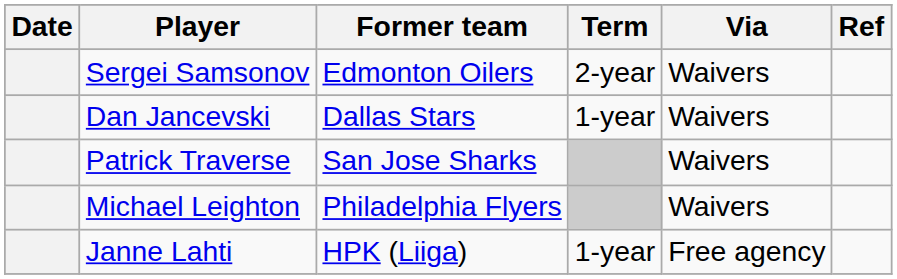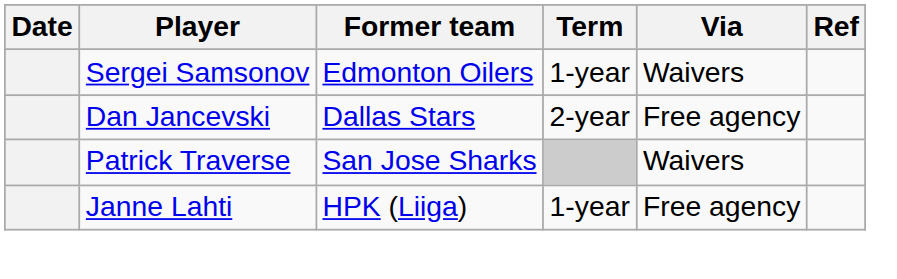 <table class="wikitable plainrowheaders">
 <tr style="background:#ddd; text-align:center;">
 <th>Date</th>
 <th>Player</th>
 <th>Former team</th>
 <th>Term</th>
 <th>Via</th>
 <th>Ref</th>
 </tr>
 <tr>
 <th scope="row"></th>
 <td><a href='#'>Sergei Samsonov</a></td>
 <td><a href='#'>Edmonton Oilers</a></td>
-<td>2-year</td>
+<td>1-year</td>
 <td>Waivers</td>
 <td></td>
 </tr>
 <tr>
 <th scope="row"></th>
 <td><a href='#'>Dan Jancevski</a></td>
 <td><a href='#'>Dallas Stars</a></td>
-<td>1-year</td>
-<td>Waivers</td>
+<td>2-year</td>
+<td>Free agency</td>
 <td></td>
 </tr>
 <tr>
 <th scope="row"></th>
 <td><a href='#'>Patrick Traverse</a></td>
 <td><a href='#'>San Jose Sharks</a></td>
-<td style="background:#ccc"></td>
-<td>Waivers</td>
-<td></td>
-</tr>
-<tr>
-<th scope="row"></th>
-<td><a href='#'>Michael Leighton</a></td>
-<td><a href='#'>Philadelphia Flyers</a></td>
 <td style="background:#ccc"></td>
 <td>Waivers</td>
 <td></td>
 </tr>
 <tr>
 <th scope="row"></th>
 <td><a href='#'>Janne Lahti</a></td>
 <td><a href='#'>HPK</a> (<a href='#'>Liiga</a>)</td>
 <td>1-year</td>
 <td>Free agency</td>
 <td></td>
 </tr>
 </table>
